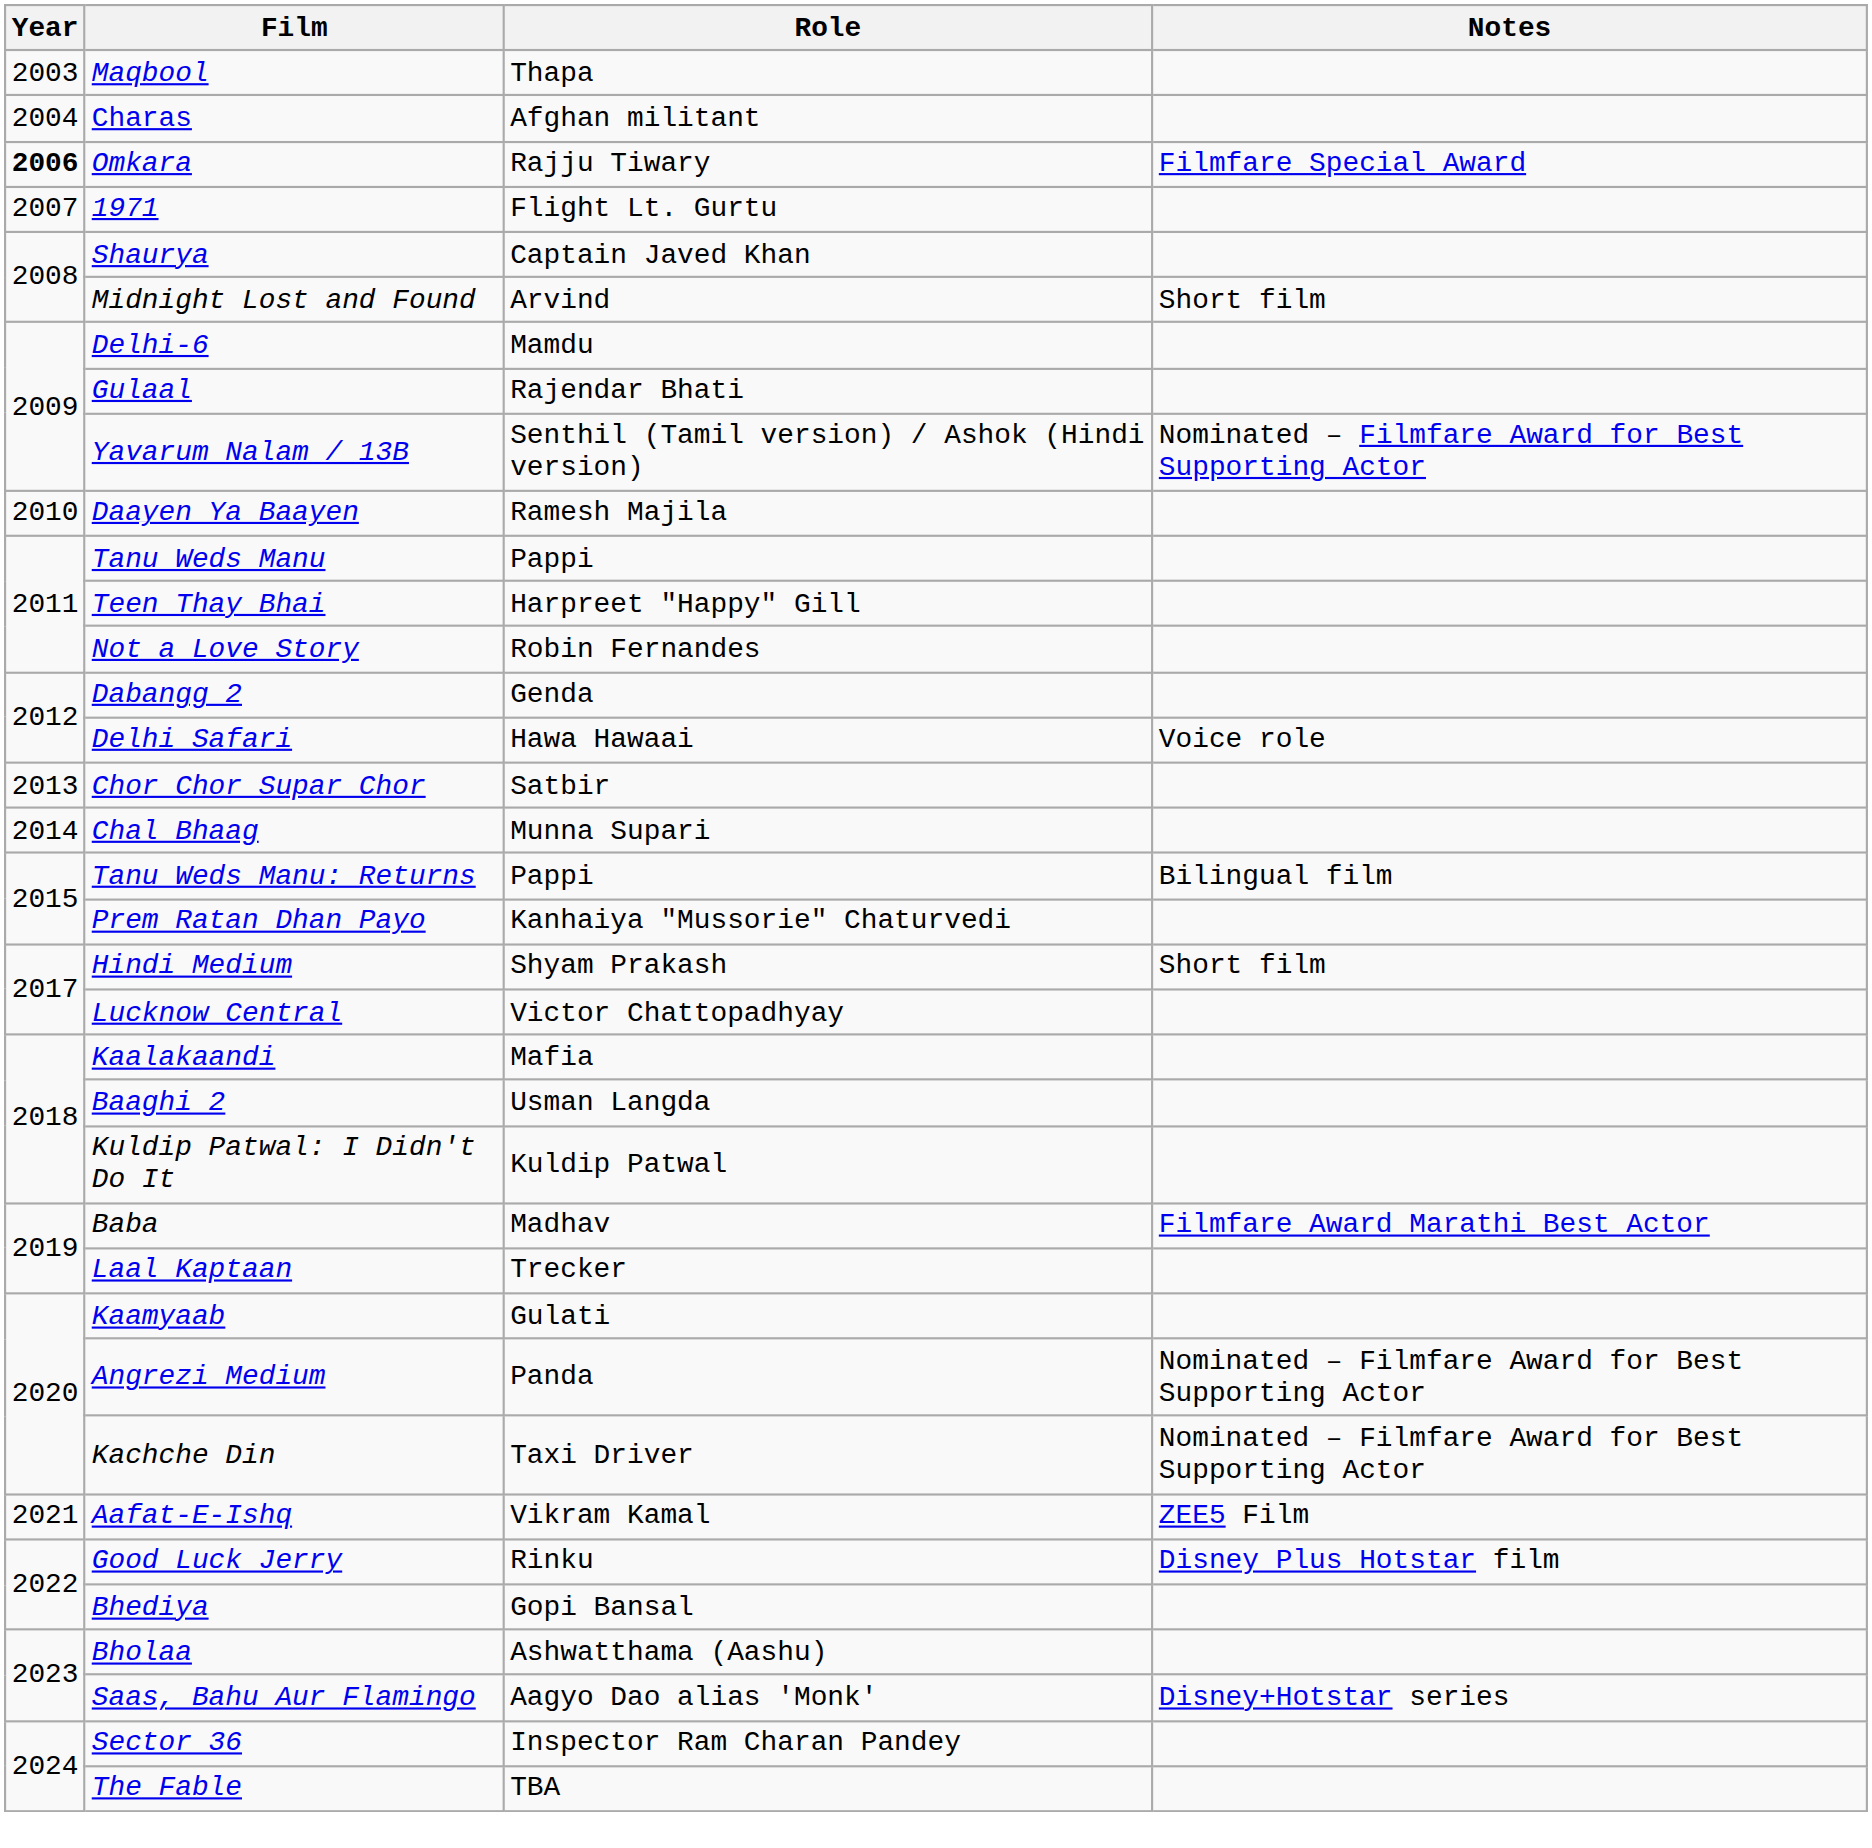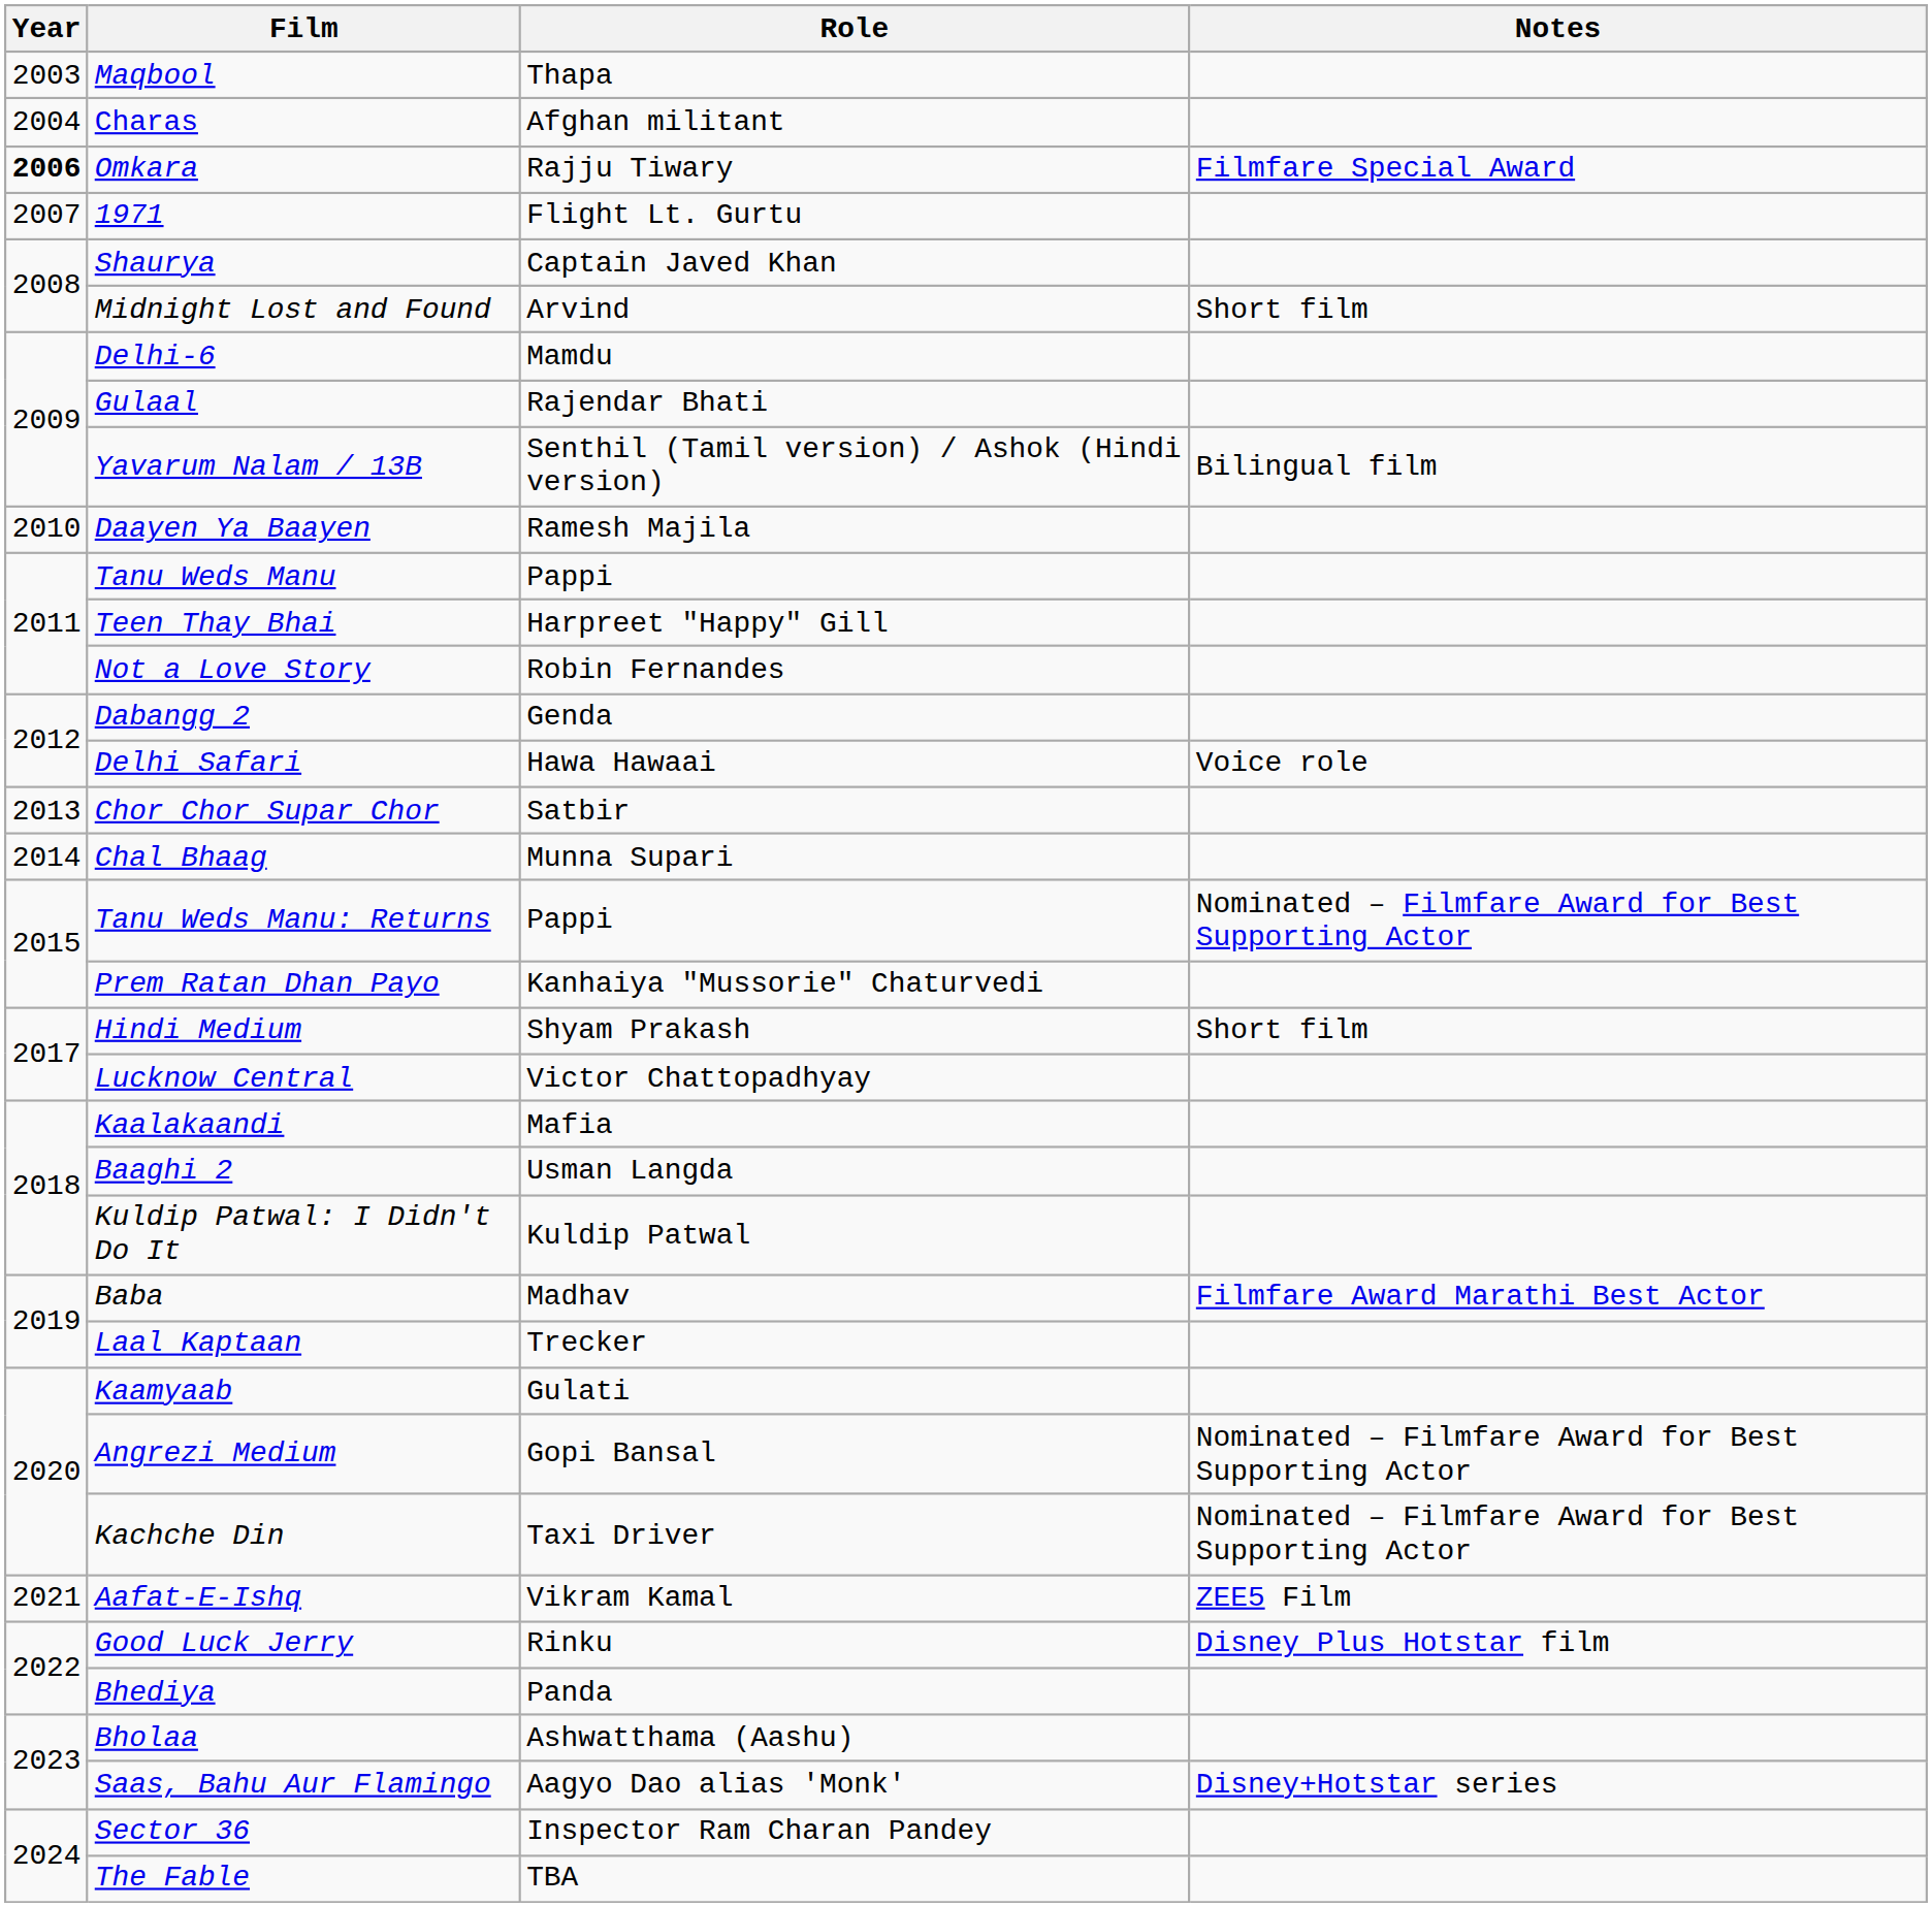 <table class="wikitable sortable plainrowheaders">
 <tr>
 <th scope="col">Year</th>
 <th scope="col">Film</th>
 <th scope="col">Role</th>
 <th scope="col">Notes</th>
 </tr>
 <tr>
 <td>2003</td>
 <td><em><a href='#'>Maqbool</a></em></td>
 <td>Thapa</td>
 <td></td>
 </tr>
 <tr>
 <td>2004</td>
 <td><a href='#'>Charas</a></td>
 <td>Afghan militant</td>
 <td></td>
 </tr>
 <tr>
 <td><strong>2006</strong></td>
 <td><em><a href='#'>Omkara</a></em></td>
 <td>Rajju Tiwary</td>
 <td><a href='#'>Filmfare Special Award</a></td>
 </tr>
 <tr>
 <td>2007</td>
 <td><em><a href='#'>1971</a></em></td>
 <td>Flight Lt. Gurtu</td>
 <td></td>
 </tr>
 <tr>
 <td rowspan=2>2008</td>
 <td><em><a href='#'>Shaurya</a></em></td>
 <td>Captain Javed Khan</td>
 <td></td>
 </tr>
 <tr>
 <td><em>Midnight Lost and Found</em></td>
 <td>Arvind</td>
 <td>Short film</td>
 </tr>
 <tr>
 <td rowspan="3">2009</td>
 <td><em><a href='#'>Delhi-6</a></em></td>
 <td>Mamdu</td>
 <td></td>
 </tr>
 <tr>
 <td><em><a href='#'>Gulaal</a></em></td>
 <td>Rajendar Bhati</td>
 <td></td>
 </tr>
 <tr>
 <td><em><a href='#'>Yavarum Nalam / 13B</a></em></td>
 <td>Senthil (Tamil version) / Ashok (Hindi version)</td>
-<td>Nominated – <a href='#'>Filmfare Award for Best Supporting Actor</a></td>
+<td>Bilingual film</td>
 </tr>
 <tr>
 <td>2010</td>
 <td><em><a href='#'>Daayen Ya Baayen</a></em></td>
 <td>Ramesh Majila</td>
 <td></td>
 </tr>
 <tr>
 <td rowspan="3">2011</td>
 <td><em><a href='#'>Tanu Weds Manu</a></em></td>
 <td>Pappi</td>
 <td></td>
 </tr>
 <tr>
 <td><em><a href='#'>Teen Thay Bhai</a></em></td>
 <td>Harpreet "Happy" Gill</td>
 <td></td>
 </tr>
 <tr>
 <td><em><a href='#'>Not a Love Story</a></em></td>
 <td>Robin Fernandes</td>
 <td></td>
 </tr>
 <tr>
 <td rowspan="2">2012</td>
 <td><em><a href='#'>Dabangg 2</a></em></td>
 <td>Genda</td>
 <td></td>
 </tr>
 <tr>
 <td><em><a href='#'>Delhi Safari</a></em></td>
 <td>Hawa Hawaai</td>
 <td>Voice role</td>
 </tr>
 <tr>
 <td>2013</td>
 <td><a href='#'><em>Chor Chor Supar Chor</em></a></td>
 <td>Satbir</td>
 <td></td>
 </tr>
 <tr>
 <td>2014</td>
 <td><em><a href='#'>Chal Bhaag</a></em></td>
 <td>Munna Supari</td>
 <td></td>
 </tr>
 <tr>
 <td rowspan=2>2015</td>
 <td><em><a href='#'>Tanu Weds Manu: Returns</a></em></td>
 <td>Pappi</td>
-<td>Bilingual film</td>
+<td>Nominated – <a href='#'>Filmfare Award for Best Supporting Actor</a></td>
 </tr>
 <tr>
 <td><em><a href='#'>Prem Ratan Dhan Payo</a></em></td>
 <td>Kanhaiya "Mussorie" Chaturvedi</td>
 <td></td>
 </tr>
 <tr>
 <td rowspan=2>2017</td>
 <td><em><a href='#'>Hindi Medium</a></em></td>
 <td>Shyam Prakash</td>
 <td>Short film</td>
 </tr>
 <tr>
 <td><em><a href='#'>Lucknow Central</a></em></td>
 <td>Victor Chattopadhyay</td>
 <td></td>
 </tr>
 <tr>
 <td rowspan="3">2018</td>
 <td><em><a href='#'>Kaalakaandi</a></em></td>
 <td>Mafia</td>
 <td></td>
 </tr>
 <tr>
 <td><em><a href='#'>Baaghi 2</a></em></td>
 <td>Usman Langda</td>
 <td></td>
 </tr>
 <tr>
 <td><em>Kuldip Patwal: I Didn't Do It</em></td>
 <td>Kuldip Patwal</td>
 <td></td>
 </tr>
 <tr>
 <td rowspan="2">2019</td>
 <td><em>Baba</em></td>
 <td>Madhav</td>
 <td><a href='#'>Filmfare Award Marathi Best Actor</a></td>
 </tr>
 <tr>
 <td><em><a href='#'>Laal Kaptaan</a></em></td>
 <td>Trecker</td>
 <td></td>
 </tr>
 <tr>
 <td rowspan="3">2020</td>
 <td><em><a href='#'>Kaamyaab</a></em></td>
 <td>Gulati</td>
 <td></td>
 </tr>
 <tr>
 <td><em><a href='#'>Angrezi Medium</a></em></td>
-<td>Panda</td>
+<td>Gopi Bansal</td>
 <td>Nominated – Filmfare Award for Best Supporting Actor</td>
 </tr>
 <tr>
 <td><em>Kachche Din</em></td>
 <td>Taxi Driver</td>
 <td>Nominated – Filmfare Award for Best Supporting Actor</td>
 </tr>
 <tr>
 <td>2021</td>
 <td><em><a href='#'>Aafat-E-Ishq</a></em></td>
 <td>Vikram Kamal</td>
 <td><a href='#'>ZEE5</a> Film</td>
 </tr>
 <tr>
 <td rowspan="2">2022</td>
 <td><em><a href='#'>Good Luck Jerry</a></em></td>
 <td>Rinku</td>
 <td><a href='#'>Disney Plus Hotstar</a> film</td>
 </tr>
 <tr>
 <td><a href='#'><em>Bhediya</em></a></td>
-<td>Gopi Bansal</td>
+<td>Panda</td>
 <td></td>
 </tr>
 <tr>
 <td rowspan="2">2023</td>
 <td><em><a href='#'>Bholaa</a></em></td>
 <td>Ashwatthama (Aashu)</td>
 <td></td>
 </tr>
 <tr>
 <td><em><a href='#'>Saas, Bahu Aur Flamingo</a></em></td>
 <td>Aagyo Dao alias 'Monk'</td>
 <td><a href='#'>Disney+Hotstar</a> series</td>
 </tr>
 <tr>
 <td rowspan="2">2024</td>
 <td><em><a href='#'>Sector 36</a></em></td>
 <td>Inspector Ram Charan Pandey</td>
 <td></td>
 </tr>
 <tr>
 <td><em><a href='#'>The Fable</a></em></td>
 <td>TBA</td>
 </tr>
 </table>
